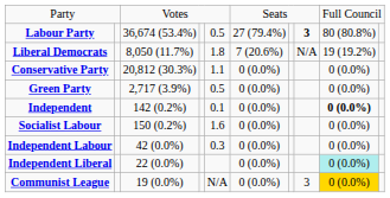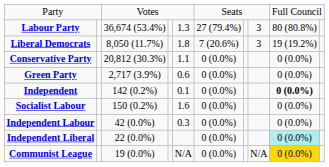 <table class=wikitable style="text-align:center;">
 <tr>
 <td colspan=2>Party</td>
 <td colspan=3>Votes</td>
 <td colspan=3>Seats</td>
 <td colspan=3>Full Council</td>
 </tr>
 <tr>
 <td><strong><a href='#'>Labour Party</a></strong></td>
 <td style="background:"></td>
 <td>36,674 (53.4%)</td>
 <td></td>
-<td> 0.5</td>
+<td> 1.3</td>
 <td>27 (79.4%)</td>
 <td></td>
-<td><strong> 3</strong></td>
+<td> 3</td>
 <td>80 (80.8%)</td>
 <td></td>
 </tr>
 <tr>
 <td><strong><a href='#'>Liberal Democrats</a></strong></td>
 <td style="background:"></td>
 <td>8,050 (11.7%)</td>
 <td></td>
 <td> 1.8</td>
 <td>7 (20.6%)</td>
 <td></td>
-<td>N/A</td>
+<td> 3</td>
 <td>19 (19.2%)</td>
 <td></td>
 </tr>
 <tr>
 <td><strong><a href='#'>Conservative Party</a></strong></td>
 <td style="background:"></td>
 <td>20,812 (30.3%)</td>
 <td></td>
 <td> 1.1</td>
 <td>0 (0.0%)</td>
 <td></td>
 <td></td>
 <td>0 (0.0%)</td>
 <td></td>
 </tr>
 <tr>
 <td><strong><a href='#'>Green Party</a></strong></td>
 <td style="background:"></td>
 <td>2,717 (3.9%)</td>
 <td></td>
-<td> 0.5</td>
+<td> 0.6</td>
 <td>0 (0.0%)</td>
 <td></td>
 <td></td>
 <td>0 (0.0%)</td>
 <td></td>
 </tr>
 <tr>
 <td><strong><a href='#'>Independent</a></strong></td>
 <td style="background:"></td>
 <td>142 (0.2%)</td>
 <td></td>
 <td> 0.1</td>
 <td>0 (0.0%)</td>
 <td></td>
 <td></td>
 <td><strong>0 (0.0%)</strong></td>
 <td></td>
 </tr>
 <tr>
 <td><strong><a href='#'>Socialist Labour</a></strong></td>
 <td style="background:"></td>
 <td>150 (0.2%)</td>
 <td></td>
 <td> 1.6</td>
 <td>0 (0.0%)</td>
 <td></td>
 <td></td>
 <td>0 (0.0%)</td>
 <td></td>
 </tr>
 <tr>
 <td><strong><a href='#'>Independent Labour</a></strong></td>
 <td style="background:"></td>
 <td>42 (0.0%)</td>
 <td></td>
 <td> 0.3</td>
 <td>0 (0.0%)</td>
 <td></td>
 <td></td>
 <td>0 (0.0%)</td>
 <td></td>
 </tr>
 <tr>
 <td><strong><a href='#'>Independent Liberal</a></strong></td>
 <td style="background:"></td>
 <td>22 (0.0%)</td>
 <td></td>
 <td></td>
 <td>0 (0.0%)</td>
 <td></td>
 <td></td>
 <td style="background: paleturquoise;">0 (0.0%)</td>
 <td></td>
 </tr>
 <tr>
 <td><strong><a href='#'>Communist League</a></strong></td>
 <td style="background:"></td>
 <td>19 (0.0%)</td>
 <td></td>
 <td>N/A</td>
 <td>0 (0.0%)</td>
 <td></td>
-<td> 3</td>
+<td>N/A</td>
 <td style="background: gold;">0 (0.0%)</td>
 <td></td>
 </tr>
 </table>
